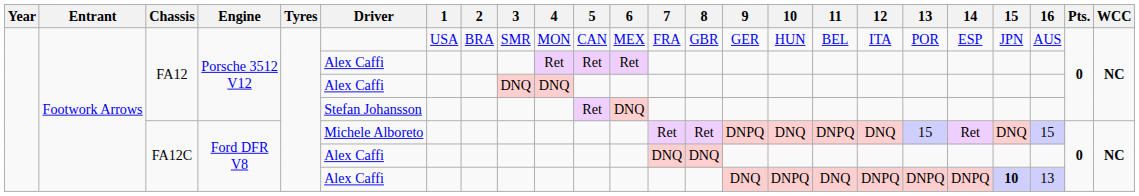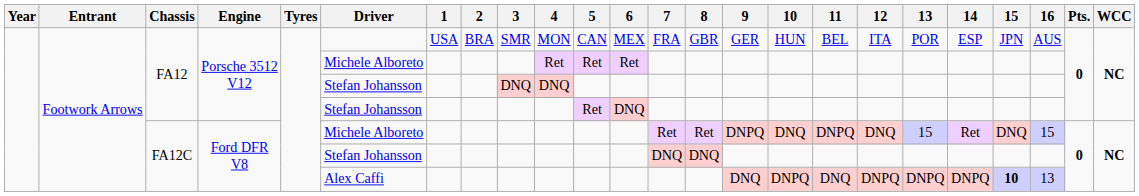 <table class="wikitable" style="text-align:center; font-size:95%">
 <tr>
 <th>Year</th>
 <th>Entrant</th>
 <th>Chassis</th>
 <th>Engine</th>
 <th>Tyres</th>
 <th>Driver</th>
 <th>1</th>
 <th>2</th>
 <th>3</th>
 <th>4</th>
 <th>5</th>
 <th>6</th>
 <th>7</th>
 <th>8</th>
 <th>9</th>
 <th>10</th>
 <th>11</th>
 <th>12</th>
 <th>13</th>
 <th>14</th>
 <th>15</th>
 <th>16</th>
 <th>Pts.</th>
 <th>WCC</th>
 </tr>
 <tr>
 <td rowspan="7"></td>
 <td rowspan="7"><a href='#'>Footwork Arrows</a></td>
 <td rowspan="4">FA12</td>
 <td rowspan="4"><a href='#'>Porsche 3512</a><br><a href='#'>V12</a></td>
 <td rowspan="7"></td>
 <td></td>
 <td><a href='#'>USA</a></td>
 <td><a href='#'>BRA</a></td>
 <td><a href='#'>SMR</a></td>
 <td><a href='#'>MON</a></td>
 <td><a href='#'>CAN</a></td>
 <td><a href='#'>MEX</a></td>
 <td><a href='#'>FRA</a></td>
 <td><a href='#'>GBR</a></td>
 <td><a href='#'>GER</a></td>
 <td><a href='#'>HUN</a></td>
 <td><a href='#'>BEL</a></td>
 <td><a href='#'>ITA</a></td>
 <td><a href='#'>POR</a></td>
 <td><a href='#'>ESP</a></td>
 <td><a href='#'>JPN</a></td>
 <td><a href='#'>AUS</a></td>
 <td rowspan="4"><strong>0</strong></td>
 <td rowspan="4"><strong>NC</strong></td>
 </tr>
 <tr>
-<td align="left"><a href='#'>Alex Caffi</a></td>
+<td align="left"><a href='#'>Michele Alboreto</a></td>
 <td></td>
 <td></td>
 <td></td>
 <td style="background:#efcfff;">Ret</td>
 <td style="background:#efcfff;">Ret</td>
 <td style="background:#efcfff;">Ret</td>
 <td></td>
 <td></td>
 <td></td>
 <td></td>
 <td></td>
 <td></td>
 <td></td>
 <td></td>
 <td></td>
 <td></td>
 </tr>
 <tr>
-<td align="left"><a href='#'>Alex Caffi</a></td>
+<td align="left"><a href='#'>Stefan Johansson</a></td>
 <td></td>
 <td></td>
 <td style="background:#ffcfcf;">DNQ</td>
 <td style="background:#ffcfcf;">DNQ</td>
 <td></td>
 <td></td>
 <td></td>
 <td></td>
 <td></td>
 <td></td>
 <td></td>
 <td></td>
 <td></td>
 <td></td>
 <td></td>
 <td></td>
 </tr>
 <tr>
 <td align="left"><a href='#'>Stefan Johansson</a></td>
 <td></td>
 <td></td>
 <td></td>
 <td></td>
 <td style="background:#efcfff;">Ret</td>
 <td style="background:#ffcfcf;">DNQ</td>
 <td></td>
 <td></td>
 <td></td>
 <td></td>
 <td></td>
 <td></td>
 <td></td>
 <td></td>
 <td></td>
 <td></td>
 </tr>
 <tr>
 <td rowspan="3">FA12C</td>
 <td rowspan="3"><a href='#'>Ford DFR</a><br><a href='#'>V8</a></td>
 <td align="left"><a href='#'>Michele Alboreto</a></td>
 <td></td>
 <td></td>
 <td></td>
 <td></td>
 <td></td>
 <td></td>
 <td style="background:#efcfff;">Ret</td>
 <td style="background:#efcfff;">Ret</td>
 <td style="background:#ffcfcf;">DNPQ</td>
 <td style="background:#ffcfcf;">DNQ</td>
 <td style="background:#ffcfcf;">DNPQ</td>
 <td style="background:#ffcfcf;">DNQ</td>
 <td style="background:#cfcfff;">15</td>
 <td style="background:#efcfff;">Ret</td>
 <td style="background:#ffcfcf;">DNQ</td>
 <td style="background:#cfcfff;">15</td>
 <td rowspan="3"><strong>0</strong></td>
 <td rowspan="3"><strong>NC</strong></td>
 </tr>
 <tr>
-<td align="left"><a href='#'>Alex Caffi</a></td>
+<td align="left"><a href='#'>Stefan Johansson</a></td>
 <td></td>
 <td></td>
 <td></td>
 <td></td>
 <td></td>
 <td></td>
 <td style="background:#ffcfcf;">DNQ</td>
 <td style="background:#ffcfcf;">DNQ</td>
 <td></td>
 <td></td>
 <td></td>
 <td></td>
 <td></td>
 <td></td>
 <td></td>
 <td></td>
 </tr>
 <tr>
 <td align="left"><a href='#'>Alex Caffi</a></td>
 <td></td>
 <td></td>
 <td></td>
 <td></td>
 <td></td>
 <td></td>
 <td></td>
 <td></td>
 <td style="background:#ffcfcf;">DNQ</td>
 <td style="background:#ffcfcf;">DNPQ</td>
 <td style="background:#ffcfcf;">DNQ</td>
 <td style="background:#ffcfcf;">DNPQ</td>
 <td style="background:#ffcfcf;">DNPQ</td>
 <td style="background:#ffcfcf;">DNPQ</td>
 <td style="background:#cfcfff;"><strong>10</strong></td>
 <td style="background:#cfcfff;">13</td>
 </tr>
 </table>
